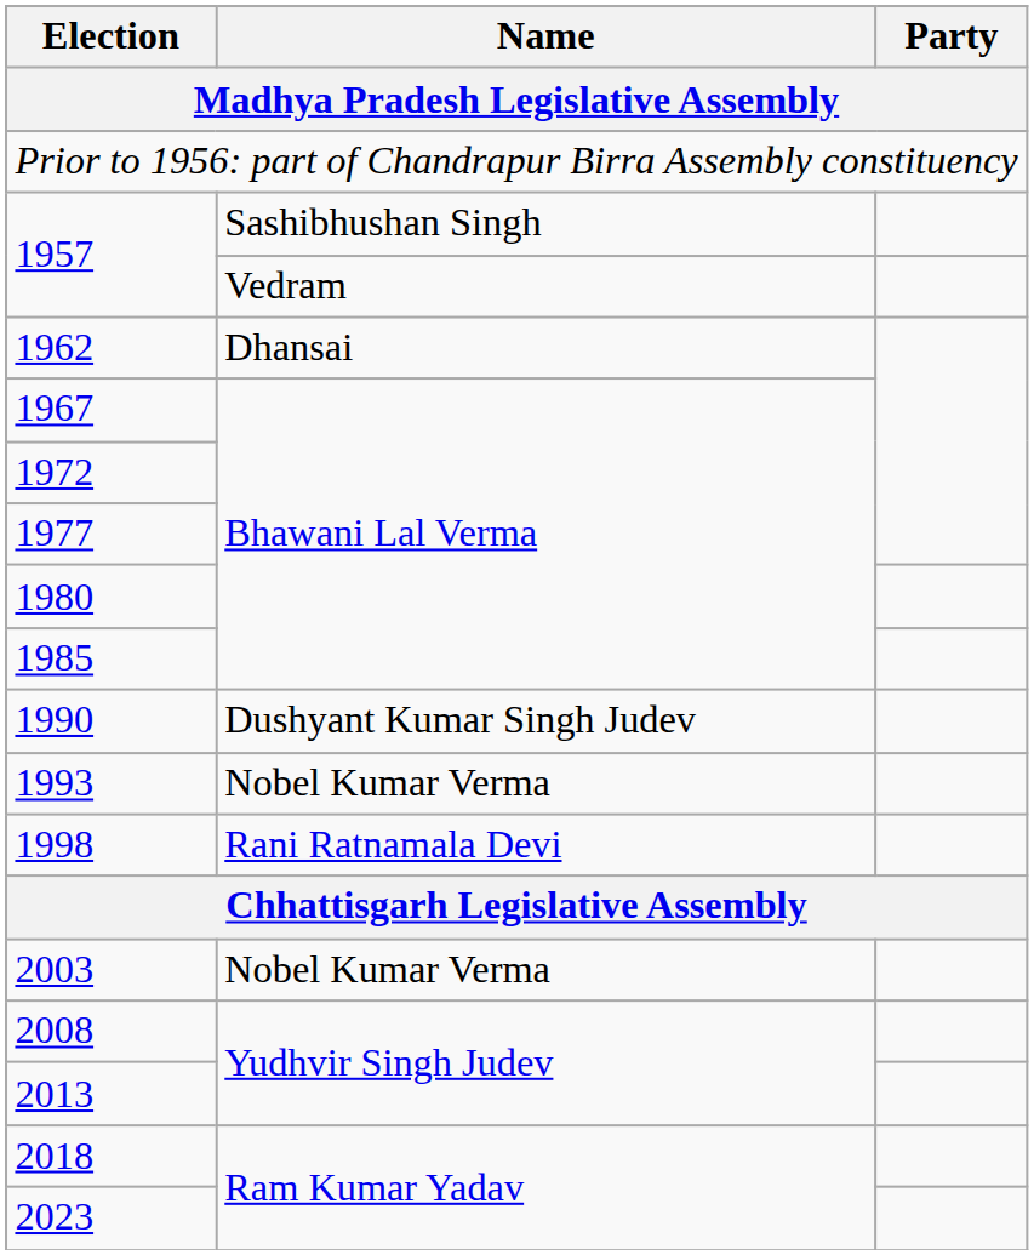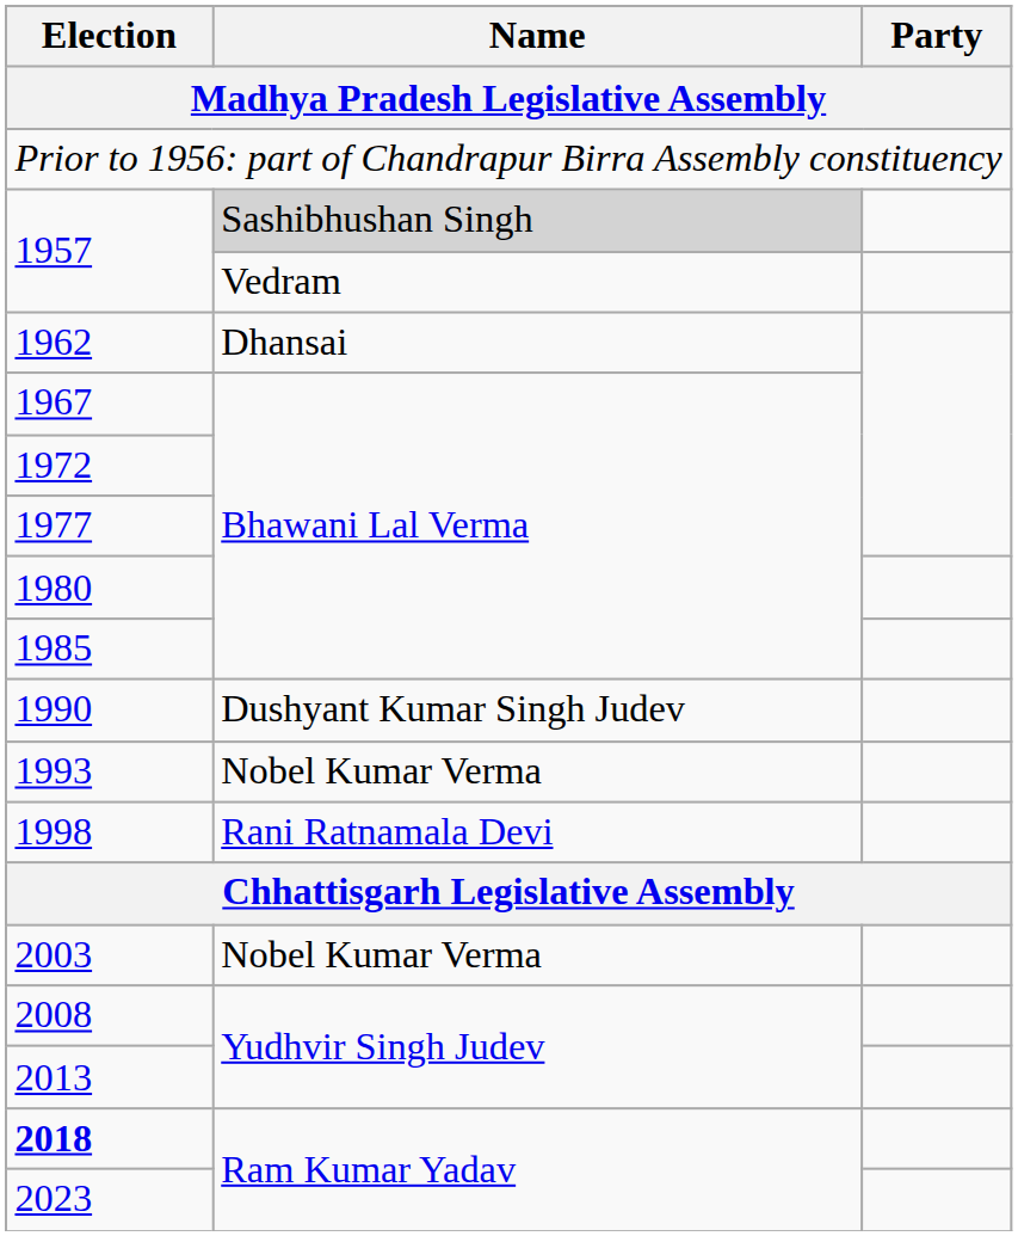 <table class="wikitable sortable">
 <tr>
 <th>Election</th>
 <th>Name</th>
 <th colspan=2>Party</th>
 </tr>
 <tr>
 <th colspan=4><a href='#'>Madhya Pradesh Legislative Assembly</a></th>
 </tr>
 <tr>
 <td colspan="4"><em>Prior to 1956: part of Chandrapur Birra Assembly constituency</em></td>
 </tr>
 <tr>
 <td rowspan="2"><a href='#'>1957</a></td>
-<td>Sashibhushan Singh</td>
+<td style="background: lightgrey;">Sashibhushan Singh</td>
 <td></td>
 </tr>
 <tr>
 <td>Vedram</td>
 <td></td>
 </tr>
 <tr>
 <td><a href='#'>1962</a></td>
 <td>Dhansai</td>
 </tr>
 <tr>
 <td><a href='#'>1967</a></td>
 <td rowspan="5"><a href='#'>Bhawani Lal Verma</a></td>
 </tr>
 <tr>
 <td><a href='#'>1972</a></td>
 </tr>
 <tr>
 <td><a href='#'>1977</a></td>
 </tr>
 <tr>
 <td><a href='#'>1980</a></td>
 <td></td>
 </tr>
 <tr>
 <td><a href='#'>1985</a></td>
 <td></td>
 </tr>
 <tr>
 <td><a href='#'>1990</a></td>
 <td>Dushyant Kumar Singh Judev</td>
 <td></td>
 </tr>
 <tr>
 <td><a href='#'>1993</a></td>
 <td>Nobel Kumar Verma</td>
 <td></td>
 </tr>
 <tr>
 <td><a href='#'>1998</a></td>
 <td><a href='#'>Rani Ratnamala Devi</a></td>
 <td></td>
 </tr>
 <tr>
 <th colspan=4><a href='#'>Chhattisgarh Legislative Assembly</a></th>
 </tr>
 <tr>
 <td><a href='#'>2003</a></td>
 <td>Nobel Kumar Verma</td>
 <td></td>
 </tr>
 <tr>
 <td><a href='#'>2008</a></td>
 <td rowspan=2><a href='#'>Yudhvir Singh Judev</a></td>
 <td></td>
 </tr>
 <tr>
 <td><a href='#'>2013</a></td>
 </tr>
 <tr>
-<td><a href='#'>2018</a></td>
+<td><strong><a href='#'>2018</a></strong></td>
 <td rowspan=2><a href='#'>Ram Kumar Yadav</a></td>
 <td></td>
 </tr>
 <tr>
 <td><a href='#'>2023</a></td>
 </tr>
 </table>
